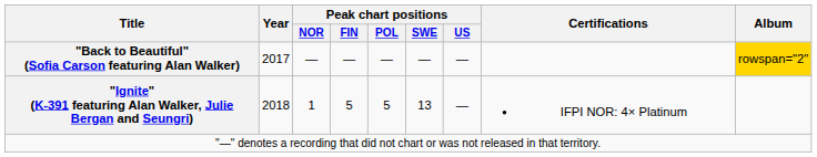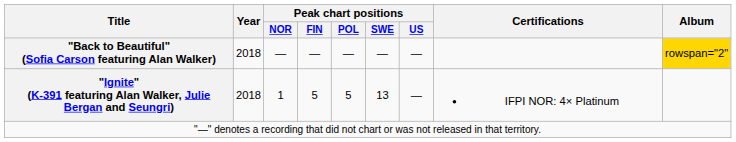 <table class="wikitable plainrowheaders" style="text-align:center;" border="1">
 <tr>
 <th scope="col" rowspan="2" style="width:20em;">Title</th>
 <th scope="col" rowspan="2" style="width:1em;">Year</th>
 <th scope="col" colspan="5">Peak chart positions</th>
 <th scope="col" rowspan="2" style="width:20em;">Certifications</th>
 <th scope="col" rowspan="2">Album</th>
 </tr>
 <tr>
 <th scope="col" style="width:2.9em;font-size:90%;"><a href='#'>NOR</a><br></th>
 <th scope="col" style="width:2.9em;font-size:90%;"><a href='#'>FIN</a><br></th>
 <th scope="col" style="width:2.9em;font-size:90%;"><a href='#'>POL</a><br></th>
 <th scope="col" style="width:2.9em;font-size:90%;"><a href='#'>SWE</a><br></th>
 <th scope="col" style="width:2.9em;font-size:90%;"><a href='#'>US</a><br></th>
 </tr>
 <tr>
 <th scope="row">"Back to Beautiful"<br><span>(<a href='#'>Sofia Carson</a> featuring Alan Walker)</span></th>
-<td>2017</td>
+<td>2018</td>
 <td>—</td>
 <td>—</td>
 <td>—</td>
 <td>—</td>
 <td>—</td>
 <td></td>
 <td style="background: gold;">rowspan="2" </td>
 </tr>
 <tr>
 <th scope="row">"<a href='#'>Ignite</a>"<br><span>(<a href='#'>K-391</a> featuring Alan Walker, <a href='#'>Julie Bergan</a> and <a href='#'>Seungri</a>)</span></th>
 <td>2018</td>
 <td>1</td>
 <td>5</td>
 <td>5</td>
 <td>13</td>
 <td>—</td>
 <td><br><ul><li>IFPI NOR: 4× Platinum</li></ul></td>
 </tr>
 <tr>
 <td colspan="15" style="font-size:90%">"—" denotes a recording that did not chart or was not released in that territory.</td>
 </tr>
 </table>
